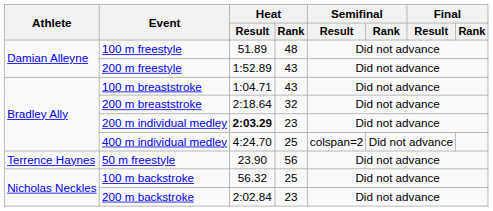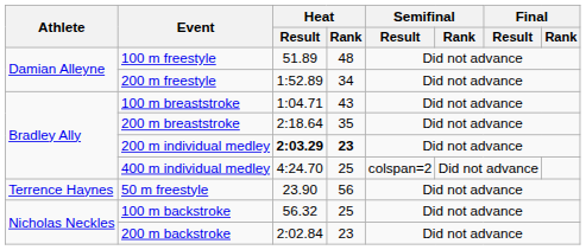 <table class="wikitable" style="font-size:90%;">
 <tr>
 <th rowspan="2">Athlete</th>
 <th rowspan="2">Event</th>
 <th colspan="2">Heat</th>
 <th colspan="2">Semifinal</th>
 <th colspan="2">Final</th>
 </tr>
 <tr style="font-size:95%">
 <th>Result</th>
 <th>Rank</th>
 <th>Result</th>
 <th>Rank</th>
 <th>Result</th>
 <th>Rank</th>
 </tr>
 <tr align=center>
 <td align=left rowspan=2><a href='#'>Damian Alleyne</a></td>
 <td align=left><a href='#'>100 m freestyle</a></td>
 <td>51.89</td>
 <td>48</td>
 <td colspan=4>Did not advance</td>
 </tr>
 <tr align=center>
 <td align=left><a href='#'>200 m freestyle</a></td>
 <td>1:52.89</td>
-<td>43</td>
+<td>34</td>
 <td colspan=4>Did not advance</td>
 </tr>
 <tr align=center>
 <td align=left rowspan=4><a href='#'>Bradley Ally</a></td>
 <td align=left><a href='#'>100 m breaststroke</a></td>
 <td>1:04.71</td>
 <td>43</td>
 <td colspan=4>Did not advance</td>
 </tr>
 <tr align=center>
 <td align=left><a href='#'>200 m breaststroke</a></td>
 <td>2:18.64</td>
-<td>32</td>
+<td>35</td>
 <td colspan=4>Did not advance</td>
 </tr>
 <tr align=center>
 <td align=left><a href='#'>200 m individual medley</a></td>
 <td><strong>2:03.29</strong></td>
-<td>23</td>
+<td><strong>23</strong></td>
 <td colspan=4>Did not advance</td>
 </tr>
 <tr align=center>
 <td align=left><a href='#'>400 m individual medley</a></td>
 <td>4:24.70</td>
 <td>25</td>
 <td>colspan=2 </td>
 <td colspan=2>Did not advance</td>
 </tr>
 <tr align=center>
 <td align=left><a href='#'>Terrence Haynes</a></td>
 <td align=left><a href='#'>50 m freestyle</a></td>
 <td>23.90</td>
 <td>56</td>
 <td colspan=4>Did not advance</td>
 </tr>
 <tr align=center>
 <td align=left rowspan=2><a href='#'>Nicholas Neckles</a></td>
 <td align=left><a href='#'>100 m backstroke</a></td>
 <td>56.32</td>
 <td>25</td>
 <td colspan=4>Did not advance</td>
 </tr>
 <tr align=center>
 <td align=left><a href='#'>200 m backstroke</a></td>
 <td>2:02.84</td>
 <td>23</td>
 <td colspan=4>Did not advance</td>
 </tr>
 </table>
